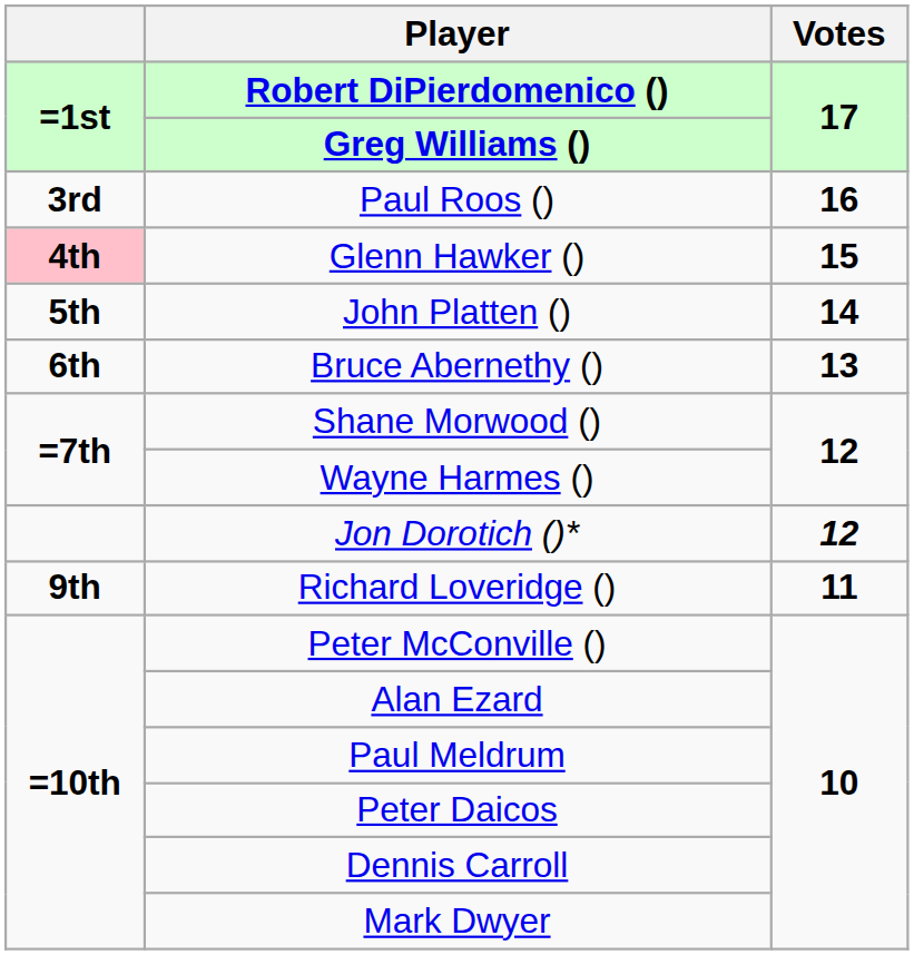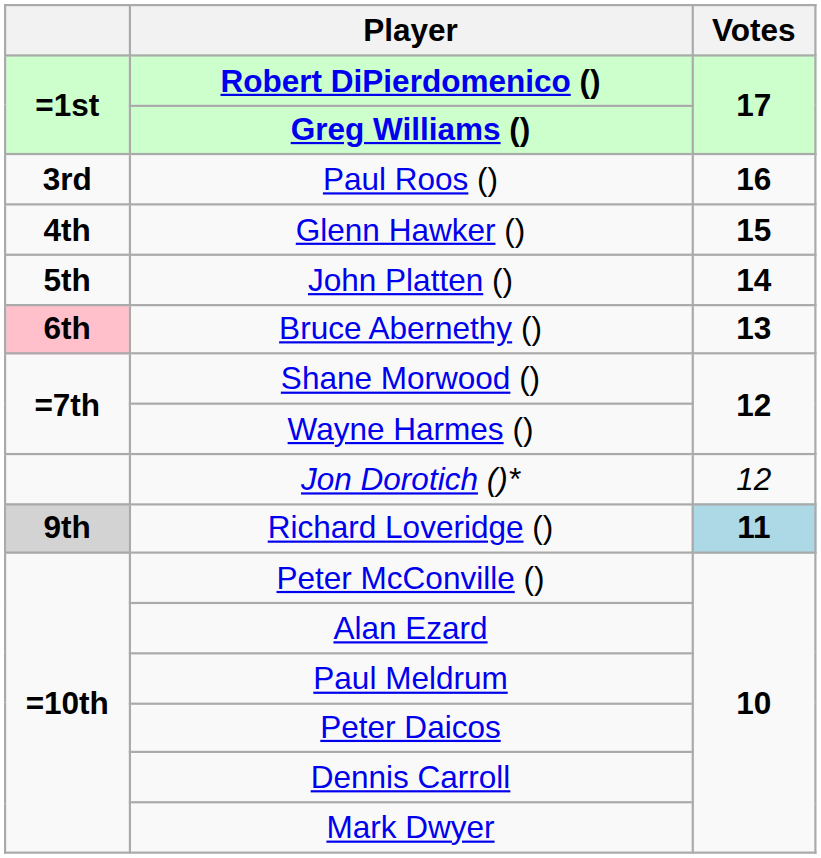 <table class="wikitable" style="text-align: center; font-size: 90%;">
 <tr>
 <th width="50"></th>
 <th width="250">Player</th>
 <th width="50">Votes</th>
 </tr>
 <tr style="background: #CCFFCC;">
 <td rowspan=2><strong>=1st</strong></td>
 <td><strong><a href='#'>Robert DiPierdomenico</a> ()</strong></td>
 <td rowspan=2><strong>17</strong></td>
 </tr>
 <tr style="background: #CCFFCC;">
 <td><strong><a href='#'>Greg Williams</a> ()</strong></td>
 </tr>
 <tr>
 <td><strong>3rd</strong></td>
 <td><a href='#'>Paul Roos</a> ()</td>
 <td><strong>16</strong></td>
 </tr>
 <tr>
-<td style="background: pink;"><strong>4th</strong></td>
+<td><strong>4th</strong></td>
 <td><a href='#'>Glenn Hawker</a> ()</td>
 <td><strong>15</strong></td>
 </tr>
 <tr>
 <td><strong>5th</strong></td>
 <td><a href='#'>John Platten</a> ()</td>
 <td><strong>14</strong></td>
 </tr>
 <tr>
-<td><strong>6th</strong></td>
+<td style="background: pink;"><strong>6th</strong></td>
 <td><a href='#'>Bruce Abernethy</a> ()</td>
 <td><strong>13</strong></td>
 </tr>
 <tr>
 <td rowspan=2><strong>=7th</strong></td>
 <td><a href='#'>Shane Morwood</a> ()</td>
 <td rowspan=2><strong>12</strong></td>
 </tr>
 <tr>
 <td><a href='#'>Wayne Harmes</a> ()</td>
 </tr>
 <tr>
 <td></td>
 <td><em><a href='#'>Jon Dorotich</a> ()*</em></td>
-<td><strong><em>12</em></strong></td>
+<td><em>12</em></td>
 </tr>
 <tr>
-<td><strong>9th</strong></td>
+<td style="background: lightgrey;"><strong>9th</strong></td>
 <td><a href='#'>Richard Loveridge</a> ()</td>
-<td><strong>11</strong></td>
+<td style="background: lightblue;"><strong>11</strong></td>
 </tr>
 <tr>
 <td rowspan=6><strong>=10th</strong></td>
 <td><a href='#'>Peter McConville</a> ()</td>
 <td rowspan=6><strong>10</strong></td>
 </tr>
 <tr>
 <td><a href='#'>Alan Ezard</a> </td>
 </tr>
 <tr>
 <td><a href='#'>Paul Meldrum</a> </td>
 </tr>
 <tr>
 <td><a href='#'>Peter Daicos</a> </td>
 </tr>
 <tr>
 <td><a href='#'>Dennis Carroll</a> </td>
 </tr>
 <tr>
 <td><a href='#'>Mark Dwyer</a> </td>
 </tr>
 </table>
